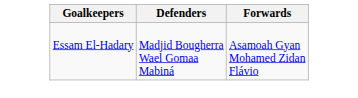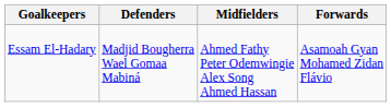 <table class="wikitable" style="margin:0 auto">
 <tr>
 <th>Goalkeepers</th>
 <th>Defenders</th>
+<th>Midfielders</th>
 <th>Forwards</th>
 </tr>
 <tr>
 <td align=left valign=top><br> <a href='#'>Essam El-Hadary</a></td>
 <td align=left valign=top><br> <a href='#'>Madjid Bougherra</a><br>  <a href='#'>Wael Gomaa</a><br>  <a href='#'>Mabiná</a></td>
+<td align=left valign=top><br> <a href='#'>Ahmed Fathy</a><br>  <a href='#'>Peter Odemwingie</a><br>  <a href='#'>Alex Song</a><br>  <a href='#'>Ahmed Hassan</a></td>
 <td align=left valign=top><br> <a href='#'>Asamoah Gyan</a><br>  <a href='#'>Mohamed Zidan</a><br>  <a href='#'>Flávio</a></td>
 </tr>
 </table>
